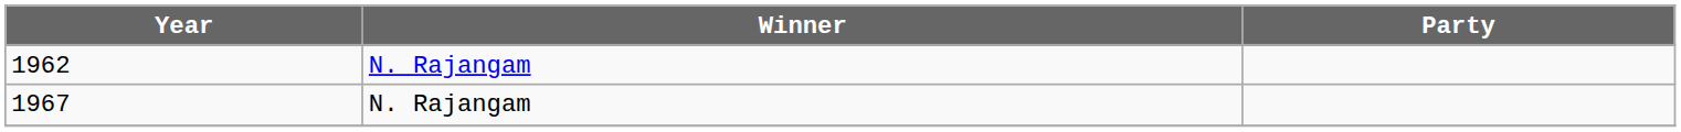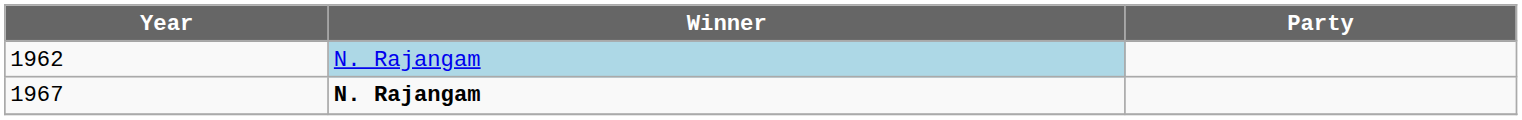 <table class="wikitable" width="70%">
 <tr>
 <th style="background-color:#666666; color:white">Year</th>
 <th style="background-color:#666666; color:white">Winner</th>
 <th style="background-color:#666666; color:white" colspan="2">Party</th>
 </tr>
 <tr>
 <td>1962</td>
-<td><a href='#'>N. Rajangam</a></td>
+<td style="background: lightblue;"><a href='#'>N. Rajangam</a></td>
 <td></td>
 </tr>
 <tr>
 <td>1967</td>
-<td>N. Rajangam</td>
+<td><strong>N. Rajangam</strong></td>
 <td></td>
 </tr>
 <tr>
 </tr>
 </table>
